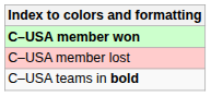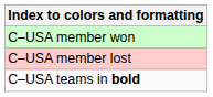 <table class="wikitable">
 <tr>
 <th>Index to colors and formatting</th>
 </tr>
 <tr style="background:#cfc;">
-<td><strong>C–USA member won</strong></td>
+<td>C–USA member won</td>
 </tr>
 <tr style="background:#fcc;">
 <td>C–USA member lost</td>
 </tr>
 <tr>
 <td>C–USA teams in <strong>bold</strong></td>
 </tr>
 </table>
